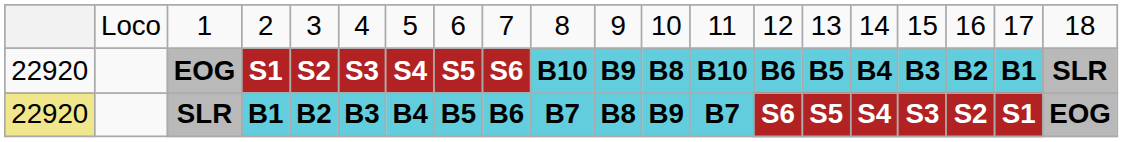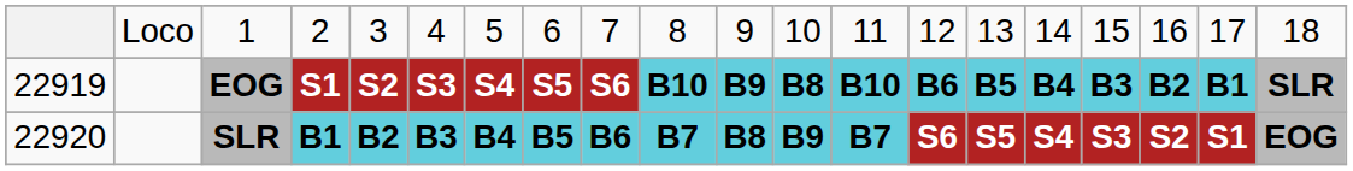 <table class="wikitable plainrowheaders unsortable" style="text-align:center">
 <tr>
 <th></th>
 <td>Loco</td>
 <td>1</td>
 <td>2</td>
 <td>3</td>
 <td>4</td>
 <td>5</td>
 <td>6</td>
 <td>7</td>
 <td>8</td>
 <td>9</td>
 <td>10</td>
 <td>11</td>
 <td>12</td>
 <td>13</td>
 <td>14</td>
 <td>15</td>
 <td>16</td>
 <td>17</td>
 <td>18</td>
 </tr>
 <tr>
-<td>22920</td>
+<td>22919</td>
 <td></td>
 <th scope="col" rowspan="1" style="background:#B9B9B9;">EOG</th>
 <th scope="col" rowspan="1" style="color: #ffffff; background:#B22222">S1</th>
 <th scope="col" rowspan="1" style="color: #ffffff; background:#B22222">S2</th>
 <th scope="col" rowspan="1" style="color: #ffffff; background:#B22222">S3</th>
 <th scope="col" rowspan="1" style="color: #ffffff; background:#B22222">S4</th>
 <th scope="col" rowspan="1" style="color: #ffffff; background:#B22222">S5</th>
 <th scope="col" rowspan="1" style="color: #ffffff; background:#B22222">S6</th>
 <th scope="col" rowspan="1" style="background:#62CEDD;">B10</th>
 <th scope="col" rowspan="1" style="background:#62CEDD;">B9</th>
 <th scope="col" rowspan="1" style="background:#62CEDD;">B8</th>
 <th scope="col" rowspan="1" style="background:#62CEDD;">B10</th>
 <th scope="col" rowspan="1" style="background:#62CEDD;">B6</th>
 <th scope="col" rowspan="1" style="background:#62CEDD;">B5</th>
 <th scope="col" rowspan="1" style="background:#62CEDD;">B4</th>
 <th scope="col" rowspan="1" style="background:#62CEDD;">B3</th>
 <th scope="col" rowspan="1" style="background:#62CEDD;">B2</th>
 <th scope="col" rowspan="1" style="background:#62CEDD;">B1</th>
 <th scope="col" rowspan="1" style="background:#B9B9B9;">SLR</th>
 </tr>
 <tr>
-<td style="background: khaki;">22920</td>
+<td>22920</td>
 <td></td>
 <th scope="col" rowspan="1" style="background:#B9B9B9;">SLR</th>
 <th scope="col" rowspan="1" style="background:#62CEDD;">B1</th>
 <th scope="col" rowspan="1" style="background:#62CEDD;">B2</th>
 <th scope="col" rowspan="1" style="background:#62CEDD;">B3</th>
 <th scope="col" rowspan="1" style="background:#62CEDD;">B4</th>
 <th scope="col" rowspan="1" style="background:#62CEDD;">B5</th>
 <th scope="col" rowspan="1" style="background:#62CEDD;">B6</th>
 <th scope="col" rowspan="1" style="background:#62CEDD;">B7</th>
 <th scope="col" rowspan="1" style="background:#62CEDD;">B8</th>
 <th scope="col" rowspan="1" style="background:#62CEDD;">B9</th>
 <th scope="col" rowspan="1" style="background:#62CEDD;">B7</th>
 <th scope="col" rowspan="1" style="color: #ffffff; background:#B22222">S6</th>
 <th scope="col" rowspan="1" style="color: #ffffff; background:#B22222">S5</th>
 <th scope="col" rowspan="1" style="color: #ffffff; background:#B22222">S4</th>
 <th scope="col" rowspan="1" style="color: #ffffff; background:#B22222">S3</th>
 <th scope="col" rowspan="1" style="color: #ffffff; background:#B22222">S2</th>
 <th scope="col" rowspan="1" style="color: #ffffff; background:#B22222">S1</th>
 <th scope="col" rowspan="1" style="background:#B9B9B9;">EOG</th>
 </tr>
 </table>
